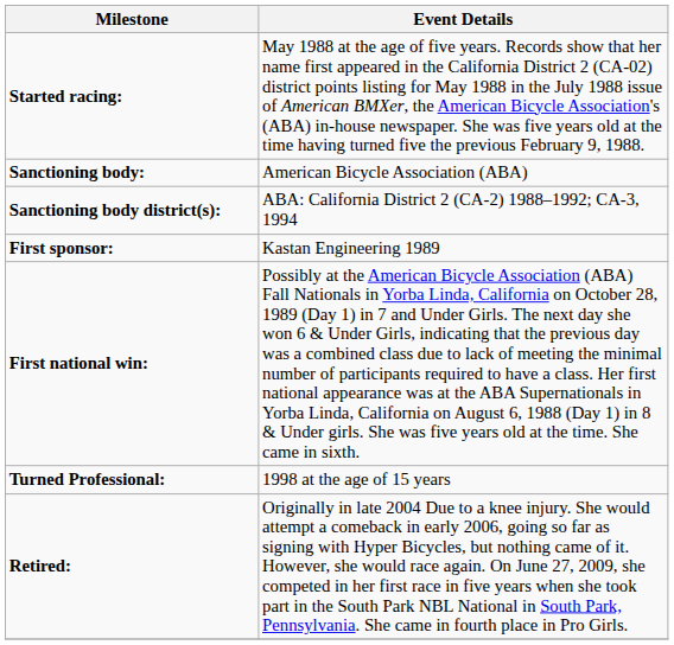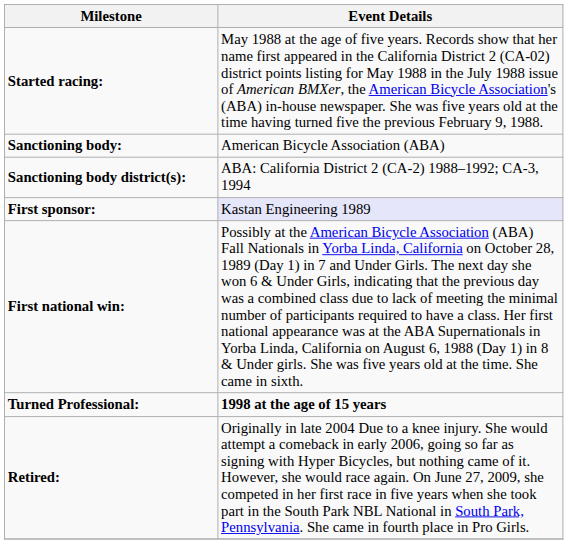 <table class="sortable wikitable">
 <tr>
 <th style="width:20em">Milestone</th>
 <th style="width:35em">Event Details</th>
 </tr>
 <tr>
 <td><strong>Started racing:</strong></td>
 <td>May 1988 at the age of five years. Records show that her name first appeared in the California District 2 (CA-02) district points listing for May 1988 in the July 1988 issue of <em>American BMXer</em>, the <a href='#'>American Bicycle Association</a>'s (ABA) in-house newspaper. She was five years old at the time having turned five the previous February 9, 1988.</td>
 </tr>
 <tr>
 <td><strong>Sanctioning body:</strong></td>
 <td>American Bicycle Association (ABA)</td>
 </tr>
 <tr>
 <td><strong>Sanctioning body district(s):</strong></td>
 <td>ABA: California District 2 (CA-2) 1988–1992; CA-3, 1994 </td>
 </tr>
 <tr>
 <td><strong>First sponsor:</strong></td>
-<td>Kastan Engineering 1989</td>
+<td style="background: lavender;">Kastan Engineering 1989</td>
 </tr>
 <tr>
 <td><strong>First national win:</strong></td>
 <td>Possibly at the <a href='#'>American Bicycle Association</a> (ABA) Fall Nationals in <a href='#'>Yorba Linda, California</a> on October 28, 1989 (Day 1) in 7 and Under Girls. The next day she won 6 & Under Girls, indicating that the previous day was a combined class due to lack of meeting the minimal number of participants required to have a class. Her first national appearance was at the ABA Supernationals in Yorba Linda, California on August 6, 1988 (Day 1) in 8 & Under girls. She was five years old at the time. She came in sixth.</td>
 </tr>
 <tr>
 <td><strong>Turned Professional:</strong></td>
-<td>1998 at the age of 15 years<br></td>
+<td><strong>1998 at the age of 15 years<br></strong></td>
 </tr>
 <tr>
 <td><strong>Retired:</strong></td>
 <td>Originally in late 2004 Due to a knee injury. She would attempt a comeback in early 2006, going so far as signing with Hyper Bicycles, but nothing came of it. However, she would race again. On June 27, 2009, she competed in her first race in five years when she took part in the South Park NBL National in <a href='#'>South Park, Pennsylvania</a>. She came in fourth place in Pro Girls.</td>
 </tr>
 <tr>
 </tr>
 </table>
